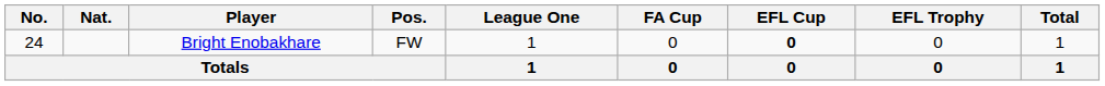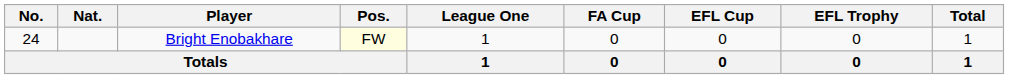 <table class="wikitable sortable alternance" style="font-size:85%; text-align:center; line-height:14px; width:70%;">
 <tr>
 <th>No.</th>
 <th>Nat.</th>
 <th>Player</th>
 <th>Pos.</th>
 <th>League One</th>
 <th>FA Cup</th>
 <th>EFL Cup</th>
 <th>EFL Trophy</th>
 <th>Total</th>
 </tr>
 <tr>
 <td>24</td>
 <td></td>
 <td><a href='#'>Bright Enobakhare</a></td>
-<td>FW</td>
+<td style="background: lightyellow;">FW</td>
 <td>1</td>
 <td>0</td>
-<td><strong>0</strong></td>
+<td>0</td>
 <td>0</td>
 <td>1</td>
 </tr>
 <tr class="sortbottom">
 <th colspan="4">Totals</th>
 <th>1</th>
 <th>0</th>
 <th>0</th>
 <th>0</th>
 <th>1</th>
 </tr>
 </table>
